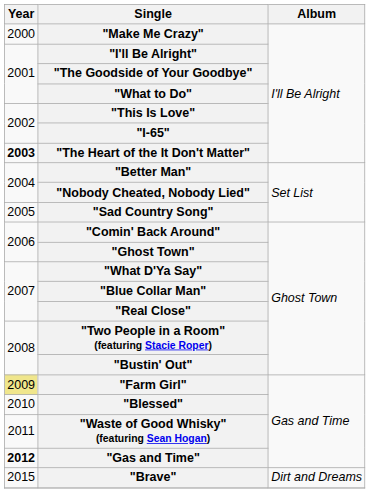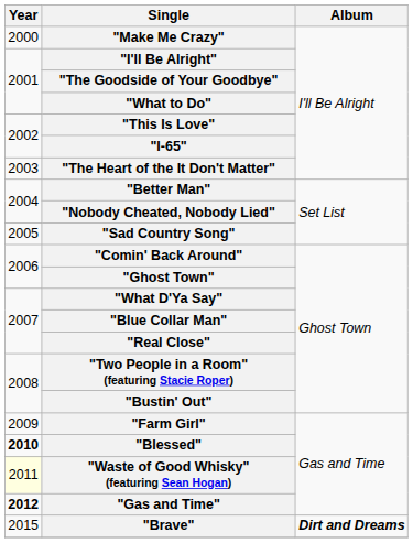 <table class="wikitable plainrowheaders" style="text-align:center;">
 <tr>
 <th>Year</th>
 <th style="width:18em;">Single</th>
 <th>Album</th>
 </tr>
 <tr>
 <td>2000</td>
 <th scope="row">"Make Me Crazy"</th>
 <td align="left" rowspan="7"><em>I'll Be Alright</em></td>
 </tr>
 <tr>
 <td rowspan="3">2001</td>
 <th scope="row">"I'll Be Alright"</th>
 </tr>
 <tr>
 <th scope="row">"The Goodside of Your Goodbye"</th>
 </tr>
 <tr>
 <th scope="row">"What to Do"</th>
 </tr>
 <tr>
 <td rowspan="2">2002</td>
 <th scope="row">"This Is Love"</th>
 </tr>
 <tr>
 <th scope="row">"I-65"</th>
 </tr>
 <tr>
-<td><strong>2003</strong></td>
+<td>2003</td>
 <th scope="row">"The Heart of the It Don't Matter"</th>
 </tr>
 <tr>
 <td rowspan="2">2004</td>
 <th scope="row">"Better Man"</th>
 <td align="left" rowspan="3"><em>Set List</em></td>
 </tr>
 <tr>
 <th scope="row">"Nobody Cheated, Nobody Lied"</th>
 </tr>
 <tr>
 <td>2005</td>
 <th scope="row">"Sad Country Song"</th>
 </tr>
 <tr>
 <td rowspan="2">2006</td>
 <th scope="row">"Comin' Back Around"</th>
 <td align="left" rowspan="7"><em>Ghost Town</em></td>
 </tr>
 <tr>
 <th scope="row">"Ghost Town"</th>
 </tr>
 <tr>
 <td rowspan="3">2007</td>
 <th scope="row">"What D'Ya Say"</th>
 </tr>
 <tr>
 <th scope="row">"Blue Collar Man"</th>
 </tr>
 <tr>
 <th scope="row">"Real Close"</th>
 </tr>
 <tr>
 <td rowspan="2">2008</td>
 <th scope="row">"Two People in a Room"<br><small>(featuring <a href='#'>Stacie Roper</a>)</small></th>
 </tr>
 <tr>
 <th scope="row">"Bustin' Out"</th>
 </tr>
 <tr>
-<td style="background: khaki;">2009</td>
+<td>2009</td>
 <th scope="row">"Farm Girl"</th>
 <td align="left" rowspan="4"><em>Gas and Time</em></td>
 </tr>
 <tr>
-<td>2010</td>
+<td><strong>2010</strong></td>
 <th scope="row">"Blessed"</th>
 </tr>
 <tr>
-<td>2011</td>
+<td style="background: lightyellow;">2011</td>
 <th scope="row">"Waste of Good Whisky"<br><small>(featuring <a href='#'>Sean Hogan</a>)</small></th>
 </tr>
 <tr>
 <td><strong>2012</strong></td>
 <th scope="row">"Gas and Time"</th>
 </tr>
 <tr>
 <td>2015</td>
 <th scope="row">"Brave"</th>
-<td align="left"><em>Dirt and Dreams</em></td>
+<td align="left"><strong><em>Dirt and Dreams</em></strong></td>
 </tr>
 <tr>
 </tr>
 </table>
